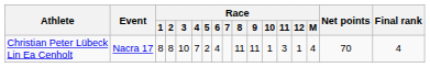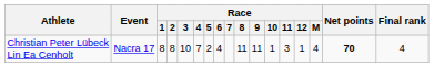 <table class="wikitable" style="font-size:90%">
 <tr>
 <th rowspan="2">Athlete</th>
 <th rowspan="2">Event</th>
 <th colspan=13>Race</th>
 <th rowspan=2>Net points</th>
 <th rowspan=2>Final rank</th>
 </tr>
 <tr style="font-size:95%">
 <th>1</th>
 <th>2</th>
 <th>3</th>
 <th>4</th>
 <th>5</th>
 <th>6</th>
 <th>7</th>
 <th>8</th>
 <th>9</th>
 <th>10</th>
 <th>11</th>
 <th>12</th>
 <th>M</th>
 </tr>
 <tr align=center>
 <td align=left><a href='#'>Christian Peter Lübeck</a><br><a href='#'>Lin Ea Cenholt</a></td>
 <td align=left><a href='#'>Nacra 17</a></td>
 <td>8</td>
 <td>8</td>
 <td>10</td>
 <td>7</td>
 <td>2</td>
 <td>4</td>
 <td></td>
 <td>11</td>
 <td>11</td>
 <td>1</td>
 <td>3</td>
 <td>1</td>
 <td>4</td>
-<td>70</td>
+<td><strong>70</strong></td>
 <td>4</td>
 </tr>
 </table>
